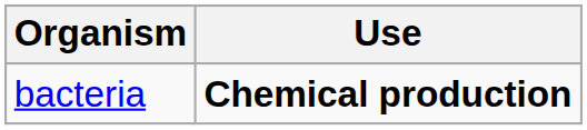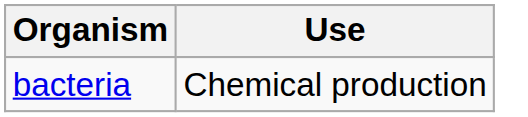 <table class="wikitable sortable">
 <tr>
 <th>Organism</th>
 <th>Use</th>
 </tr>
 <tr>
 <td><a href='#'>bacteria</a></td>
-<td><strong>Chemical production</strong></td>
+<td>Chemical production</td>
 </tr>
 </table>
